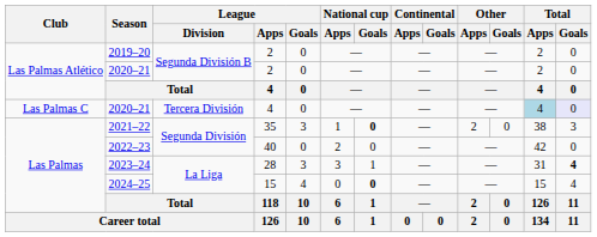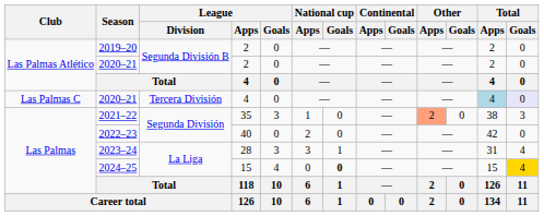 <table class=wikitable style="text-align:center">
 <tr>
 <th rowspan=2>Club</th>
 <th rowspan=2>Season</th>
 <th colspan=3>League</th>
 <th colspan=2>National cup</th>
 <th colspan=2>Continental</th>
 <th colspan=2>Other</th>
 <th colspan=2>Total</th>
 </tr>
 <tr>
 <th>Division</th>
 <th>Apps</th>
 <th>Goals</th>
 <th>Apps</th>
 <th>Goals</th>
 <th>Apps</th>
 <th>Goals</th>
 <th>Apps</th>
 <th>Goals</th>
 <th>Apps</th>
 <th>Goals</th>
 </tr>
 <tr>
 <td rowspan="3"><a href='#'>Las Palmas Atlético</a></td>
 <td><a href='#'>2019–20</a></td>
 <td rowspan="2"><a href='#'>Segunda División B</a></td>
 <td>2</td>
 <td>0</td>
 <td colspan="2">—</td>
 <td colspan="2">—</td>
 <td colspan="2">—</td>
 <td>2</td>
 <td>0</td>
 </tr>
 <tr>
 <td><a href='#'>2020–21</a></td>
 <td>2</td>
 <td>0</td>
 <td colspan="2">—</td>
 <td colspan="2">—</td>
 <td colspan="2">—</td>
 <td>2</td>
 <td>0</td>
 </tr>
 <tr>
 <th colspan="2">Total</th>
 <th>4</th>
 <th>0</th>
 <th colspan="2">—</th>
 <th colspan="2">—</th>
 <th colspan="2">—</th>
 <th>4</th>
 <th>0</th>
 </tr>
 <tr>
 <td><a href='#'>Las Palmas C</a></td>
 <td><a href='#'>2020–21</a></td>
 <td><a href='#'>Tercera División</a></td>
 <td>4</td>
 <td>0</td>
 <td colspan="2">—</td>
 <td colspan="2">—</td>
 <td colspan="2">—</td>
 <td style="background: lightblue;">4</td>
 <td style="background: lavender;">0</td>
 </tr>
 <tr>
 <td rowspan="5"><a href='#'>Las Palmas</a></td>
 <td><a href='#'>2021–22</a></td>
 <td rowspan="2"><a href='#'>Segunda División</a></td>
 <td>35</td>
 <td>3</td>
 <td>1</td>
-<td><strong>0</strong></td>
+<td>0</td>
 <td colspan="2">—</td>
-<td>2</td>
+<td style="background: lightsalmon;">2</td>
 <td>0</td>
 <td>38</td>
 <td>3</td>
 </tr>
 <tr>
 <td><a href='#'>2022–23</a></td>
 <td>40</td>
 <td>0</td>
 <td>2</td>
 <td>0</td>
 <td colspan="2">—</td>
 <td colspan="2">—</td>
 <td>42</td>
 <td>0</td>
 </tr>
 <tr>
 <td><a href='#'>2023–24</a></td>
 <td rowspan="2"><a href='#'>La Liga</a></td>
 <td>28</td>
 <td>3</td>
 <td>3</td>
 <td>1</td>
 <td colspan="2">—</td>
 <td colspan="2">—</td>
 <td>31</td>
-<td><strong>4</strong></td>
+<td>4</td>
 </tr>
 <tr>
 <td><a href='#'>2024–25</a></td>
 <td>15</td>
 <td>4</td>
 <td>0</td>
 <td><strong>0</strong></td>
 <td colspan="2">—</td>
 <td colspan="2">—</td>
 <td>15</td>
-<td>4</td>
+<td style="background: gold;">4</td>
 </tr>
 <tr>
 <th colspan="2">Total</th>
 <th>118</th>
 <th>10</th>
 <th>6</th>
 <th>1</th>
 <th colspan="2">—</th>
 <th>2</th>
 <th>0</th>
 <th>126</th>
 <th>11</th>
 </tr>
 <tr>
 <th colspan="3">Career total</th>
 <th>126</th>
 <th>10</th>
 <th>6</th>
 <th>1</th>
 <th>0</th>
 <th>0</th>
 <th>2</th>
 <th>0</th>
 <th>134</th>
 <th>11</th>
 </tr>
 </table>
